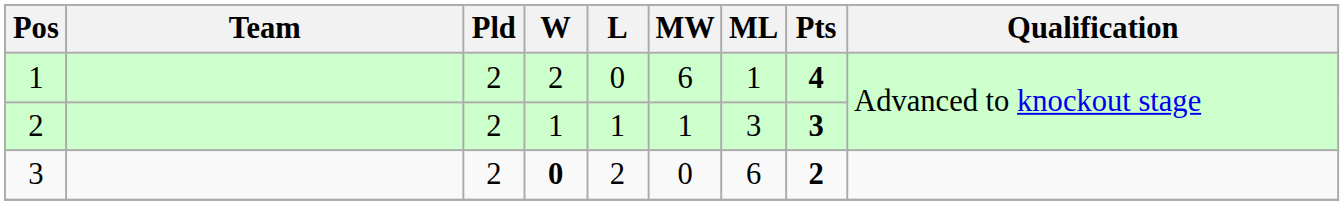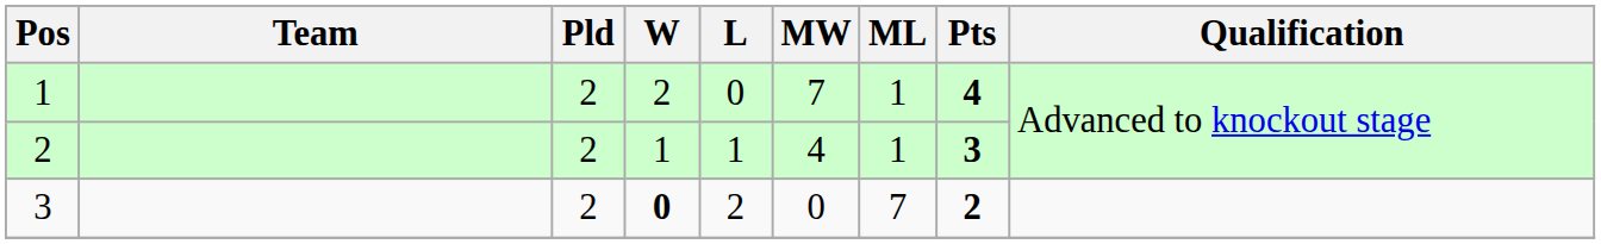 <table class="wikitable" style="text-align:center">
 <tr>
 <th width=25>Pos</th>
 <th width=200>Team</th>
 <th width=25>Pld</th>
 <th width=25>W</th>
 <th width=25>L</th>
 <th width=25>MW</th>
 <th width=25>ML</th>
 <th width=25>Pts</th>
 <th width=250>Qualification</th>
 </tr>
 <tr bgcolor=ccffcc>
 <td>1</td>
 <td style="text-align:left;"></td>
 <td>2</td>
 <td>2</td>
 <td>0</td>
-<td>6</td>
+<td>7</td>
 <td>1</td>
 <td><strong>4</strong></td>
 <td rowspan=2 style="text-align:left;">Advanced to <a href='#'>knockout stage</a></td>
 </tr>
 <tr bgcolor=ccffcc>
 <td>2</td>
 <td style="text-align:left;"></td>
 <td>2</td>
 <td>1</td>
 <td>1</td>
+<td>4</td>
 <td>1</td>
-<td>3</td>
 <td><strong>3</strong></td>
 </tr>
 <tr>
 <td>3</td>
 <td style="text-align:left;"></td>
 <td>2</td>
 <td><strong>0</strong></td>
 <td>2</td>
 <td>0</td>
-<td>6</td>
+<td>7</td>
 <td><strong>2</strong></td>
 <td></td>
 </tr>
 <tr>
 </tr>
 </table>
